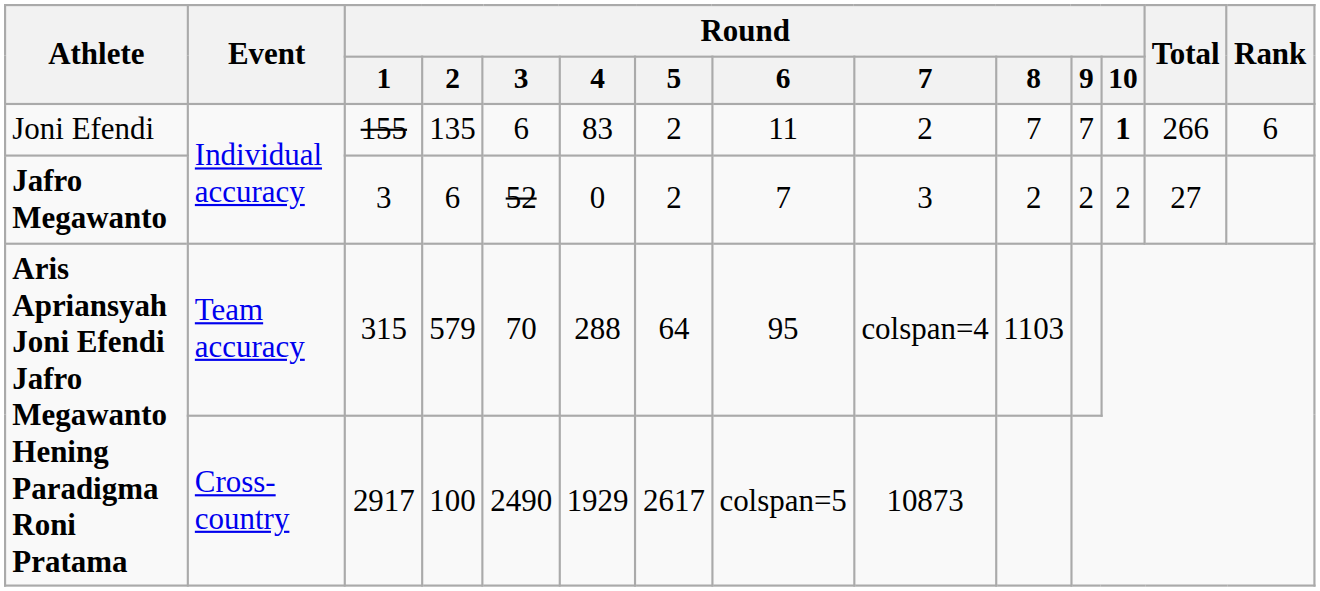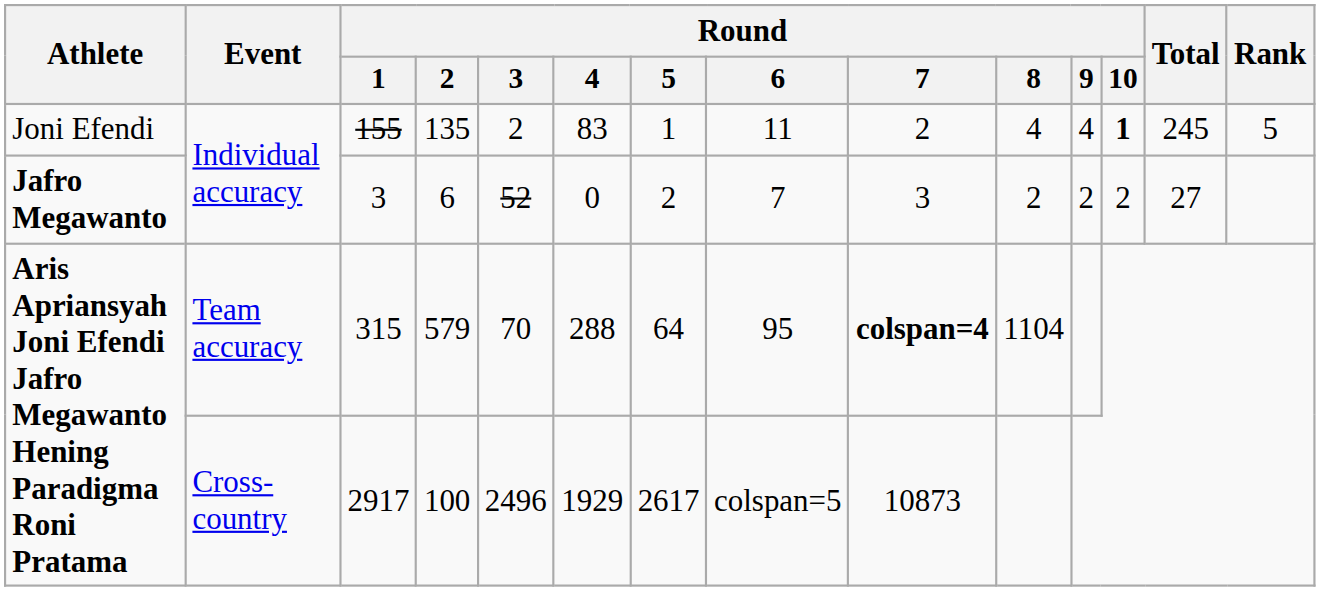 <table class=wikitable style=font-size:90%;text-align:center>
 <tr>
 <th rowspan="2">Athlete</th>
 <th rowspan="2">Event</th>
 <th colspan=10>Round</th>
 <th rowspan=2>Total</th>
 <th rowspan=2>Rank</th>
 </tr>
 <tr style="font-size:95%">
 <th>1</th>
 <th>2</th>
 <th>3</th>
 <th>4</th>
 <th>5</th>
 <th>6</th>
 <th>7</th>
 <th>8</th>
 <th>9</th>
 <th>10</th>
 </tr>
 <tr>
 <td align=left>Joni Efendi</td>
 <td align=left rowspan=2><a href='#'>Individual accuracy</a></td>
 <td><s>155</s></td>
 <td>135</td>
-<td>6</td>
+<td>2</td>
 <td>83</td>
-<td>2</td>
+<td>1</td>
 <td>11</td>
 <td>2</td>
-<td>7</td>
-<td>7</td>
+<td>4</td>
+<td>4</td>
 <td><strong>1</strong></td>
-<td>266</td>
-<td>6</td>
+<td>245</td>
+<td>5</td>
 </tr>
 <tr>
 <td align=left><strong>Jafro Megawanto</strong></td>
 <td>3</td>
 <td>6</td>
 <td><s>52</s></td>
 <td>0</td>
 <td>2</td>
 <td>7</td>
 <td>3</td>
 <td>2</td>
 <td>2</td>
 <td>2</td>
 <td>27</td>
 <td></td>
 </tr>
 <tr>
 <td align=left rowspan=2><strong>Aris Apriansyah<br>Joni Efendi<br>Jafro Megawanto<br>Hening Paradigma<br>Roni Pratama</strong></td>
 <td align=left><a href='#'>Team accuracy</a></td>
 <td>315</td>
 <td>579</td>
 <td>70</td>
 <td>288</td>
 <td>64</td>
 <td>95</td>
-<td>colspan=4 </td>
-<td>1103</td>
+<td><strong>colspan=4 </strong></td>
+<td>1104</td>
 <td></td>
 </tr>
 <tr>
 <td align=left><a href='#'>Cross-country</a></td>
 <td>2917</td>
 <td>100</td>
-<td>2490</td>
+<td>2496</td>
 <td>1929</td>
 <td>2617</td>
 <td>colspan=5 </td>
 <td>10873</td>
 <td></td>
 </tr>
 </table>
